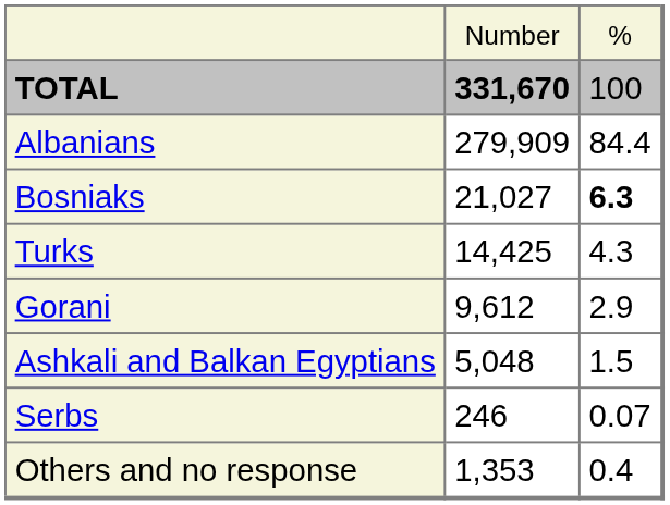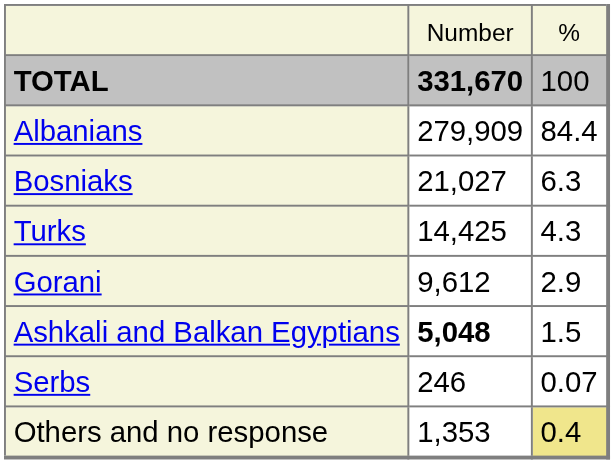 <table border=1 cellpadding=4 cellspacing=0 class="toccolours" style="align: left; margin: 0.5em 0 0 0; border-style: solid; border: 1px solid #7f7f7f; border-right-width: 2px; border-bottom-width: 2px; border-collapse: collapse; font-size: 95%;">
 <tr>
 <td style="background:#F5F5DC;"></td>
 <td style="background:#F5F5DC;" align="center"><small>Number</small></td>
 <td style="background:#F5F5DC;" align="center"><small>%</small></td>
 </tr>
 <tr>
 <td style="background:#c1c1c1;"><strong>TOTAL</strong></td>
 <td style="background:#c1c1c1;"><strong>331,670</strong></td>
 <td style="background:#c1c1c1;">100</td>
 </tr>
 <tr>
 <td style="background:#F5F5DC;"><a href='#'>Albanians</a></td>
 <td>279,909</td>
 <td>84.4</td>
 </tr>
 <tr>
 <td style="background:#F5F5DC;"><a href='#'>Bosniaks</a></td>
 <td>21,027</td>
-<td><strong>6.3</strong></td>
+<td>6.3</td>
 </tr>
 <tr>
 <td style="background:#F5F5DC;"><a href='#'>Turks</a></td>
 <td>14,425</td>
 <td>4.3</td>
 </tr>
 <tr>
 <td style="background:#F5F5DC;"><a href='#'>Gorani</a></td>
 <td>9,612</td>
 <td>2.9</td>
 </tr>
 <tr>
 <td style="background:#F5F5DC;"><a href='#'>Ashkali and Balkan Egyptians</a></td>
-<td>5,048</td>
+<td><strong>5,048</strong></td>
 <td>1.5</td>
 </tr>
 <tr>
 <td style="background:#F5F5DC;"><a href='#'>Serbs</a></td>
 <td>246</td>
 <td>0.07</td>
 </tr>
 <tr>
 <td style="background:#F5F5DC;">Others and no response</td>
 <td>1,353</td>
-<td>0.4</td>
+<td style="background: khaki;">0.4</td>
 </tr>
 </table>
